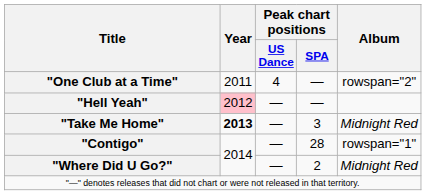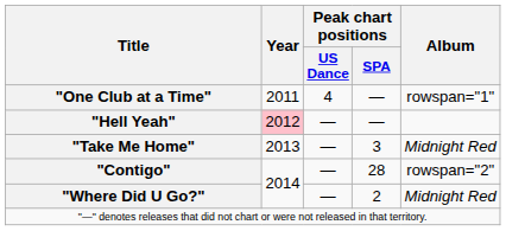 <table class="wikitable plainrowheaders" style="text-align:center;">
 <tr>
 <th scope="col" rowspan="2" style="width:16em;">Title</th>
 <th scope="col" rowspan="2">Year</th>
 <th scope="col" colspan="2">Peak chart<br>positions</th>
 <th scope="col" rowspan="2">Album</th>
 </tr>
 <tr>
 <th scope="col" style="width:3em;font-size:90%;"><a href='#'>US<br>Dance</a><br></th>
 <th scope="col" style="width:3em;font-size:90%;"><a href='#'>SPA</a><br></th>
 </tr>
 <tr>
 <th scope="row">"One Club at a Time"</th>
 <td>2011</td>
 <td>4</td>
 <td>—</td>
-<td>rowspan="2" </td>
+<td>rowspan="1" </td>
 </tr>
 <tr>
 <th scope="row">"Hell Yeah"</th>
 <td style="background: pink;">2012</td>
 <td>—</td>
 <td>—</td>
 </tr>
 <tr>
 <th scope="row">"Take Me Home"</th>
-<td><strong>2013</strong></td>
+<td>2013</td>
 <td>—</td>
 <td>3</td>
 <td><em>Midnight Red</em></td>
 </tr>
 <tr>
 <th scope="row">"Contigo"</th>
 <td rowspan="2">2014</td>
 <td>—</td>
 <td>28</td>
-<td>rowspan="1" </td>
+<td>rowspan="2" </td>
 </tr>
 <tr>
 <th scope="row">"Where Did U Go?"</th>
 <td>—</td>
 <td>2</td>
 <td><em>Midnight Red</em></td>
 </tr>
 <tr>
 <td colspan="15" style="text-align:center; font-size:8pt;">"—" denotes releases that did not chart or were not released in that territory.</td>
 </tr>
 </table>
